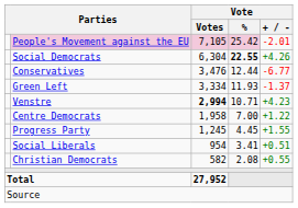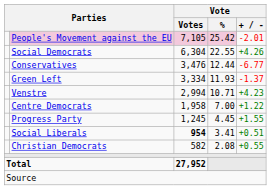 <table class="wikitable" style="text-align:right;">
 <tr>
 <th style="text-align:centre;" rowspan="2" colspan="2" width="225">Parties</th>
 <th colspan="3">Vote</th>
 </tr>
 <tr>
 <th width="15">Votes</th>
 <th width="15">%</th>
 <th width="15">+ / -</th>
 </tr>
 <tr>
 <td width="2" style="color:inherit;background:"></td>
 <td bgcolor=#f3c9dc   align="left"><a href='#'>People's Movement against the EU</a></td>
 <td bgcolor=#f3c9dc>7,105</td>
 <td bgcolor=#f3c9dc>25.42</td>
 <td style=color:red;>-2.01</td>
 </tr>
 <tr>
 <td width="2" style="color:inherit;background:"></td>
 <td align="left"><a href='#'>Social Democrats</a></td>
 <td>6,304</td>
-<td><strong>22.55</strong></td>
+<td>22.55</td>
 <td style=color:green;>+4.26</td>
 </tr>
 <tr>
 <td width="2" style="color:inherit;background:"></td>
 <td align="left"><a href='#'>Conservatives</a></td>
 <td>3,476</td>
 <td>12.44</td>
 <td style=color:red;>-6.77</td>
 </tr>
 <tr>
 <td width="2" style="color:inherit;background:"></td>
 <td align="left"><a href='#'>Green Left</a></td>
 <td>3,334</td>
 <td>11.93</td>
 <td style=color:red;>-1.37</td>
 </tr>
 <tr>
 <td width="2" style="color:inherit;background:"></td>
 <td align="left"><a href='#'>Venstre</a></td>
-<td><strong>2,994</strong></td>
+<td>2,994</td>
 <td>10.71</td>
 <td style=color:green;>+4.23</td>
 </tr>
 <tr>
 <td width="2" style="color:inherit;background:"></td>
 <td align="left"><a href='#'>Centre Democrats</a></td>
 <td>1,958</td>
 <td>7.00</td>
 <td style=color:green;>+1.22</td>
 </tr>
 <tr>
 <td width="2" style="color:inherit;background:"></td>
 <td align="left"><a href='#'>Progress Party</a></td>
 <td>1,245</td>
 <td>4.45</td>
 <td style=color:green;>+1.55</td>
 </tr>
 <tr>
 <td width="2" style="color:inherit;background:"></td>
 <td align="left"><a href='#'>Social Liberals</a></td>
-<td>954</td>
+<td><strong>954</strong></td>
 <td>3.41</td>
 <td style=color:green;>+0.51</td>
 </tr>
 <tr>
 <td width="2" style="color:inherit;background:"></td>
 <td align="left"><a href='#'>Christian Democrats</a></td>
 <td>582</td>
 <td>2.08</td>
 <td style=color:green;>+0.55</td>
 </tr>
 <tr>
 <td colspan="7" bgcolor="#E9E9E9"></td>
 </tr>
 <tr>
 <td align="left" colspan="2"><strong>Total</strong></td>
 <td><strong>27,952</strong></td>
 <td bgcolor="#E9E9E9" colspan="2"></td>
 </tr>
 <tr>
 <td align="left" colspan="6">Source</td>
 </tr>
 </table>
